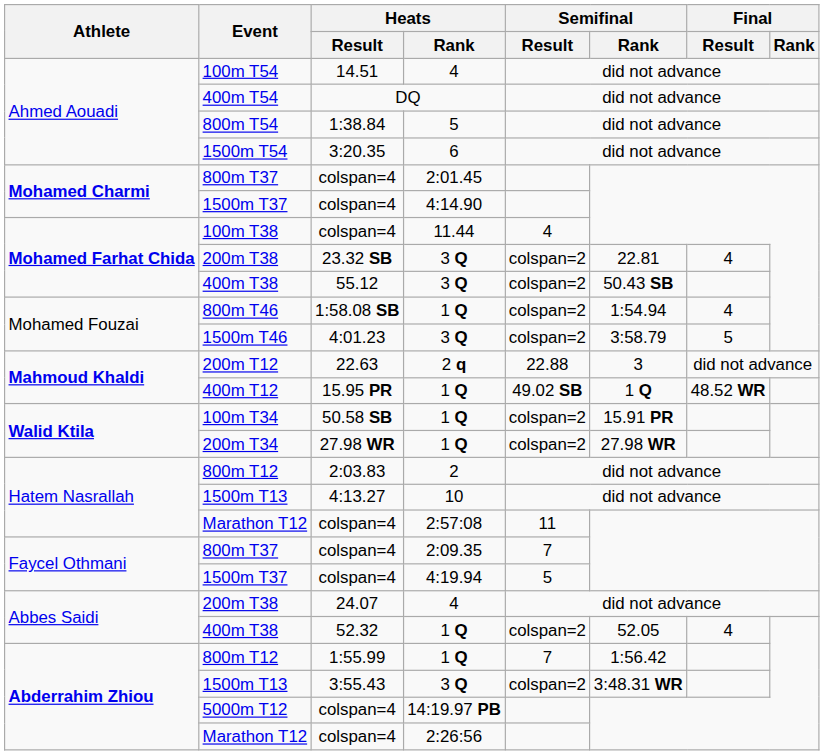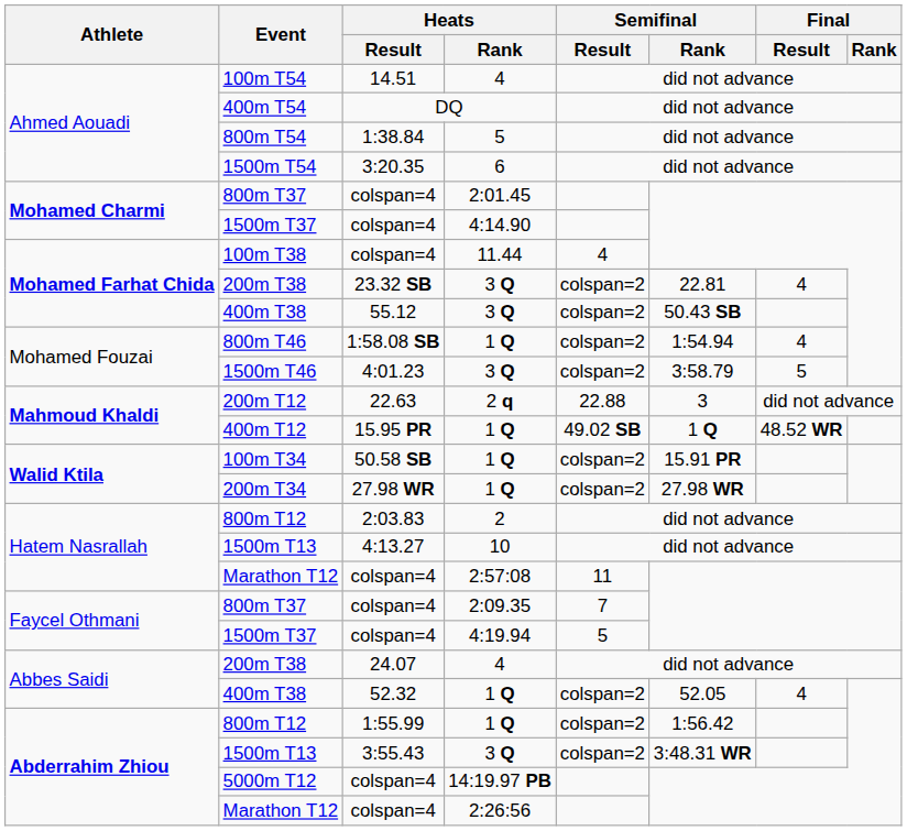 <table class=wikitable style="font-size:90%">
 <tr>
 <th rowspan="2">Athlete</th>
 <th rowspan="2">Event</th>
 <th colspan="2">Heats</th>
 <th colspan="2">Semifinal</th>
 <th colspan="2">Final</th>
 </tr>
 <tr>
 <th>Result</th>
 <th>Rank</th>
 <th>Result</th>
 <th>Rank</th>
 <th>Result</th>
 <th>Rank</th>
 </tr>
 <tr align=center>
 <td align=left rowspan=4><a href='#'>Ahmed Aouadi</a></td>
 <td align=left><a href='#'>100m T54</a></td>
 <td>14.51</td>
 <td>4</td>
 <td colspan=4>did not advance</td>
 </tr>
 <tr align=center>
 <td align=left><a href='#'>400m T54</a></td>
 <td colspan=2>DQ</td>
 <td colspan=4>did not advance</td>
 </tr>
 <tr align=center>
 <td align=left><a href='#'>800m T54</a></td>
 <td>1:38.84</td>
 <td>5</td>
 <td colspan=4>did not advance</td>
 </tr>
 <tr align=center>
 <td align=left><a href='#'>1500m T54</a></td>
 <td>3:20.35</td>
 <td>6</td>
 <td colspan=4>did not advance</td>
 </tr>
 <tr align=center>
 <td align=left rowspan=2><strong><a href='#'>Mohamed Charmi</a></strong></td>
 <td align=left><a href='#'>800m T37</a></td>
 <td>colspan=4 </td>
 <td>2:01.45</td>
 <td></td>
 </tr>
 <tr align=center>
 <td align=left><a href='#'>1500m T37</a></td>
 <td>colspan=4 </td>
 <td>4:14.90</td>
 <td></td>
 </tr>
 <tr align=center>
 <td align=left rowspan=3><strong><a href='#'>Mohamed Farhat Chida</a></strong></td>
 <td align=left><a href='#'>100m T38</a></td>
 <td>colspan=4 </td>
 <td>11.44</td>
 <td>4</td>
 </tr>
 <tr align=center>
 <td align=left><a href='#'>200m T38</a></td>
 <td>23.32 <strong>SB</strong></td>
 <td>3 <strong>Q</strong></td>
 <td>colspan=2 </td>
 <td>22.81</td>
 <td>4</td>
 </tr>
 <tr align=center>
 <td align=left><a href='#'>400m T38</a></td>
 <td>55.12</td>
 <td>3 <strong>Q</strong></td>
 <td>colspan=2 </td>
 <td>50.43 <strong>SB</strong></td>
 <td></td>
 </tr>
 <tr align=center>
 <td align=left rowspan=2>Mohamed Fouzai</td>
 <td align=left><a href='#'>800m T46</a></td>
 <td>1:58.08 <strong>SB</strong></td>
 <td>1 <strong>Q</strong></td>
 <td>colspan=2 </td>
 <td>1:54.94</td>
 <td>4</td>
 </tr>
 <tr align=center>
 <td align=left><a href='#'>1500m T46</a></td>
 <td>4:01.23</td>
 <td>3 <strong>Q</strong></td>
 <td>colspan=2 </td>
 <td>3:58.79</td>
 <td>5</td>
 </tr>
 <tr align=center>
 <td align=left rowspan=2><strong><a href='#'>Mahmoud Khaldi</a></strong></td>
 <td align=left><a href='#'>200m T12</a></td>
 <td>22.63</td>
 <td>2 <strong>q</strong></td>
 <td>22.88</td>
 <td>3</td>
 <td colspan=2>did not advance</td>
 </tr>
 <tr align=center>
 <td align=left><a href='#'>400m T12</a></td>
 <td>15.95 <strong>PR</strong></td>
 <td>1 <strong>Q</strong></td>
 <td>49.02 <strong>SB</strong></td>
 <td>1 <strong>Q</strong></td>
 <td>48.52 <strong>WR</strong></td>
 <td></td>
 </tr>
 <tr align=center>
 <td align=left rowspan=2><strong><a href='#'>Walid Ktila</a></strong></td>
 <td align=left><a href='#'>100m T34</a></td>
 <td>50.58 <strong>SB</strong></td>
 <td>1 <strong>Q</strong></td>
 <td>colspan=2 </td>
 <td>15.91 <strong>PR</strong></td>
 <td></td>
 </tr>
 <tr align=center>
 <td align=left><a href='#'>200m T34</a></td>
 <td>27.98 <strong>WR</strong></td>
 <td>1 <strong>Q</strong></td>
 <td>colspan=2 </td>
 <td>27.98 <strong>WR</strong></td>
 <td></td>
 </tr>
 <tr align=center>
 <td align=left rowspan=3><a href='#'>Hatem Nasrallah</a></td>
 <td align=left><a href='#'>800m T12</a></td>
 <td>2:03.83</td>
 <td>2</td>
 <td colspan=4>did not advance</td>
 </tr>
 <tr align=center>
 <td align=left><a href='#'>1500m T13</a></td>
 <td>4:13.27</td>
 <td>10</td>
 <td colspan=4>did not advance</td>
 </tr>
 <tr align=center>
 <td align=left><a href='#'>Marathon T12</a></td>
 <td>colspan=4 </td>
 <td>2:57:08</td>
 <td>11</td>
 </tr>
 <tr align=center>
 <td align=left rowspan=2><a href='#'>Faycel Othmani</a></td>
 <td align=left><a href='#'>800m T37</a></td>
 <td>colspan=4 </td>
 <td>2:09.35</td>
 <td>7</td>
 </tr>
 <tr align=center>
 <td align=left><a href='#'>1500m T37</a></td>
 <td>colspan=4 </td>
 <td>4:19.94</td>
 <td>5</td>
 </tr>
 <tr align=center>
 <td align=left rowspan=2><a href='#'>Abbes Saidi</a></td>
 <td align=left><a href='#'>200m T38</a></td>
 <td>24.07</td>
 <td>4</td>
 <td colspan=4>did not advance</td>
 </tr>
 <tr align=center>
 <td align=left><a href='#'>400m T38</a></td>
 <td>52.32</td>
 <td>1 <strong>Q</strong></td>
 <td>colspan=2 </td>
 <td>52.05</td>
 <td>4</td>
 </tr>
 <tr align=center>
 <td align=left rowspan=4><strong><a href='#'>Abderrahim Zhiou</a></strong></td>
 <td align=left><a href='#'>800m T12</a></td>
 <td>1:55.99</td>
 <td>1 <strong>Q</strong></td>
-<td>7</td>
+<td>colspan=2 </td>
 <td>1:56.42</td>
 <td></td>
 </tr>
 <tr align=center>
 <td align=left><a href='#'>1500m T13</a></td>
 <td>3:55.43</td>
 <td>3 <strong>Q</strong></td>
 <td>colspan=2 </td>
 <td>3:48.31 <strong>WR</strong></td>
 <td></td>
 </tr>
 <tr align=center>
 <td align=left><a href='#'>5000m T12</a></td>
 <td>colspan=4 </td>
 <td>14:19.97 <strong>PB</strong></td>
 <td></td>
 </tr>
 <tr align=center>
 <td align=left><a href='#'>Marathon T12</a></td>
 <td>colspan=4 </td>
 <td>2:26:56</td>
 <td></td>
 </tr>
 </table>
